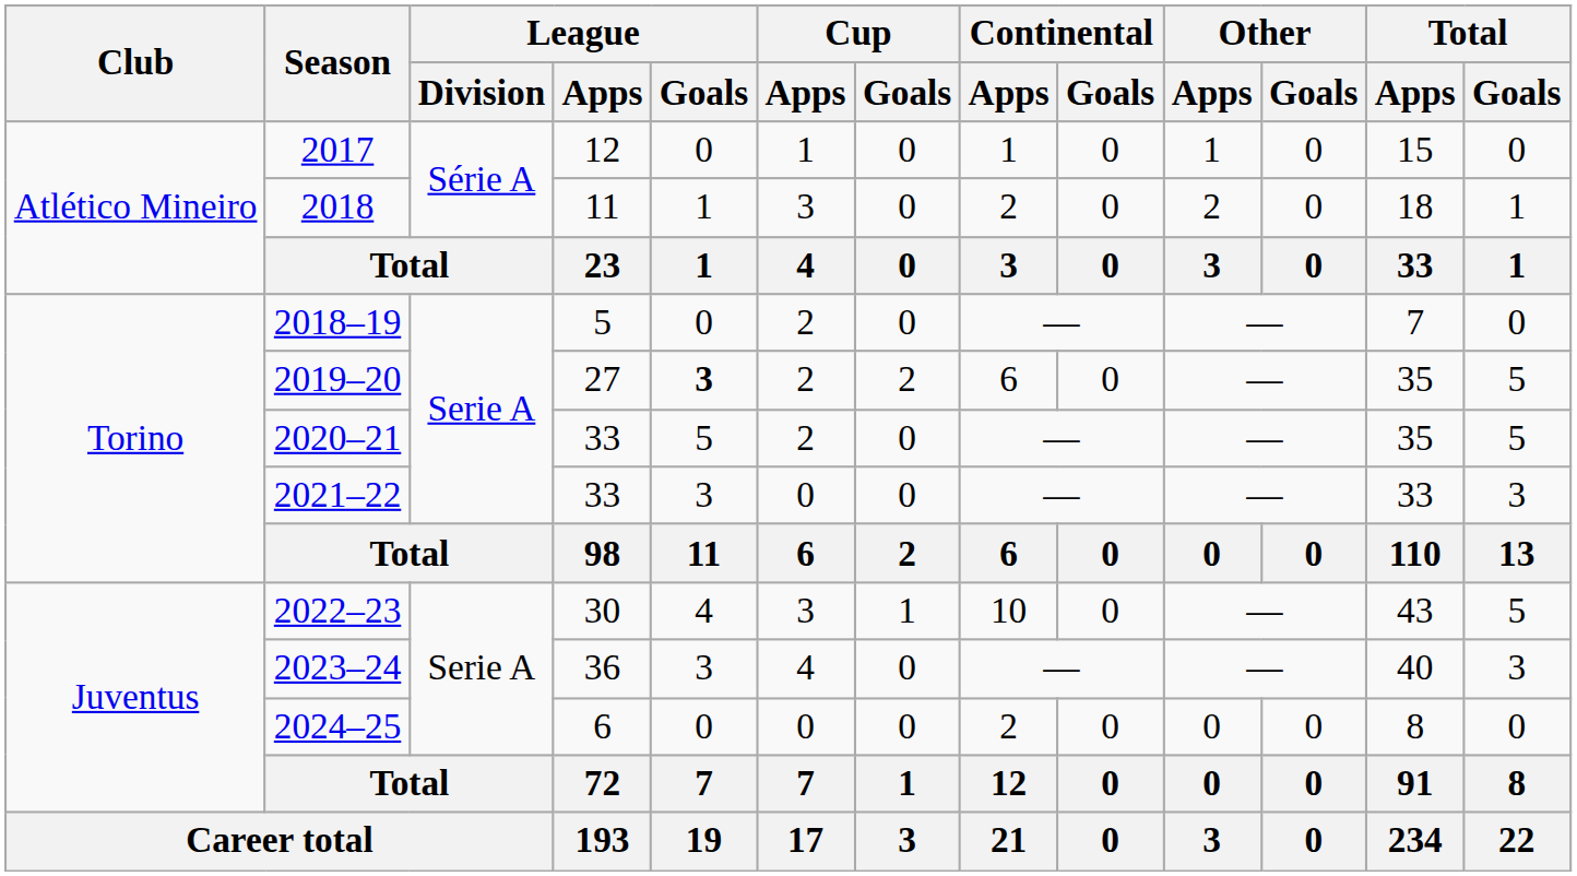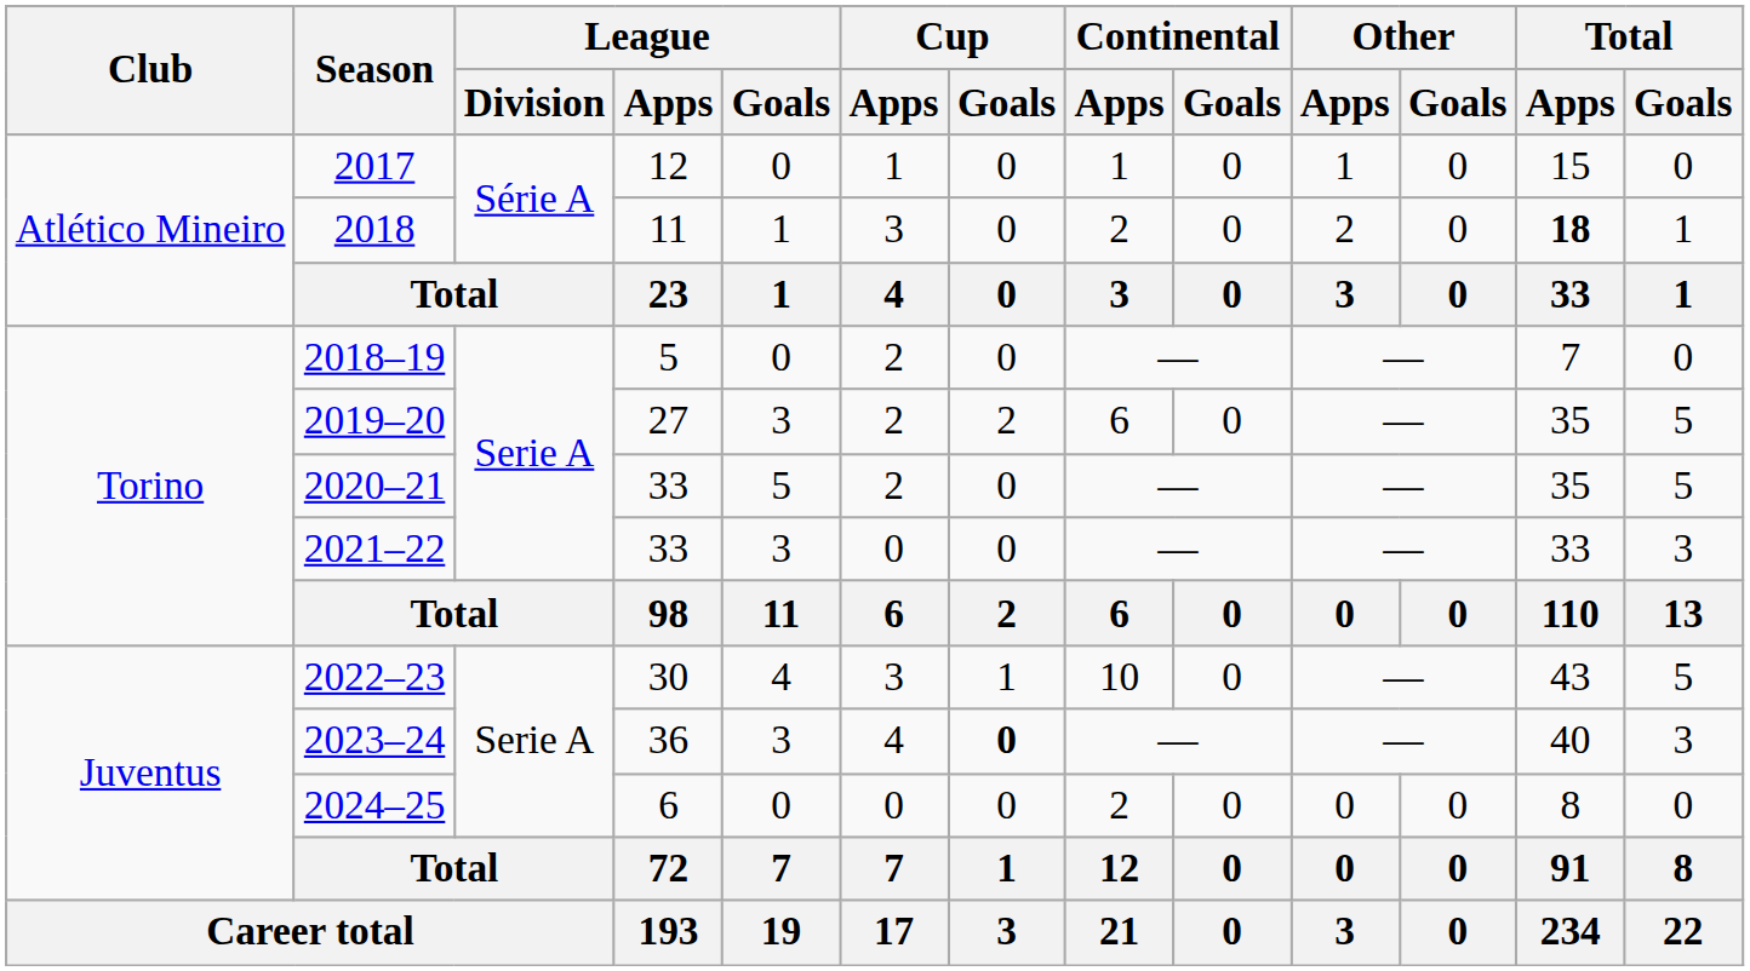 <table class="wikitable" style="text-align:center">
 <tr>
 <th rowspan="2">Club</th>
 <th rowspan="2">Season</th>
 <th colspan="3">League</th>
 <th colspan="2">Cup</th>
 <th colspan="2">Continental</th>
 <th colspan="2">Other</th>
 <th colspan="2">Total</th>
 </tr>
 <tr>
 <th>Division</th>
 <th>Apps</th>
 <th>Goals</th>
 <th>Apps</th>
 <th>Goals</th>
 <th>Apps</th>
 <th>Goals</th>
 <th>Apps</th>
 <th>Goals</th>
 <th>Apps</th>
 <th>Goals</th>
 </tr>
 <tr>
 <td rowspan="3"><a href='#'>Atlético Mineiro</a></td>
 <td><a href='#'>2017</a></td>
 <td rowspan="2"><a href='#'>Série A</a></td>
 <td>12</td>
 <td>0</td>
 <td>1</td>
 <td>0</td>
 <td>1</td>
 <td>0</td>
 <td>1</td>
 <td>0</td>
 <td>15</td>
 <td>0</td>
 </tr>
 <tr>
 <td><a href='#'>2018</a></td>
 <td>11</td>
 <td>1</td>
 <td>3</td>
 <td>0</td>
 <td>2</td>
 <td>0</td>
 <td>2</td>
 <td>0</td>
-<td>18</td>
+<td><strong>18</strong></td>
 <td>1</td>
 </tr>
 <tr>
 <th colspan="2">Total</th>
 <th>23</th>
 <th>1</th>
 <th>4</th>
 <th>0</th>
 <th>3</th>
 <th>0</th>
 <th>3</th>
 <th>0</th>
 <th>33</th>
 <th>1</th>
 </tr>
 <tr>
 <td rowspan="5"><a href='#'>Torino</a></td>
 <td><a href='#'>2018–19</a></td>
 <td rowspan="4"><a href='#'>Serie A</a></td>
 <td>5</td>
 <td>0</td>
 <td>2</td>
 <td>0</td>
 <td colspan="2">—</td>
 <td colspan="2">—</td>
 <td>7</td>
 <td>0</td>
 </tr>
 <tr>
 <td><a href='#'>2019–20</a></td>
 <td>27</td>
-<td><strong>3</strong></td>
+<td>3</td>
 <td>2</td>
 <td>2</td>
 <td>6</td>
 <td>0</td>
 <td colspan="2">—</td>
 <td>35</td>
 <td>5</td>
 </tr>
 <tr>
 <td><a href='#'>2020–21</a></td>
 <td>33</td>
 <td>5</td>
 <td>2</td>
 <td>0</td>
 <td colspan="2">—</td>
 <td colspan="2">—</td>
 <td>35</td>
 <td>5</td>
 </tr>
 <tr>
 <td><a href='#'>2021–22</a></td>
 <td>33</td>
 <td>3</td>
 <td>0</td>
 <td>0</td>
 <td colspan="2">—</td>
 <td colspan="2">—</td>
 <td>33</td>
 <td>3</td>
 </tr>
 <tr>
 <th colspan="2">Total</th>
 <th>98</th>
 <th>11</th>
 <th>6</th>
 <th>2</th>
 <th>6</th>
 <th>0</th>
 <th>0</th>
 <th>0</th>
 <th>110</th>
 <th>13</th>
 </tr>
 <tr>
 <td rowspan="4"><a href='#'>Juventus</a></td>
 <td><a href='#'>2022–23</a></td>
 <td rowspan="3">Serie A</td>
 <td>30</td>
 <td>4</td>
 <td>3</td>
 <td>1</td>
 <td>10</td>
 <td>0</td>
 <td colspan="2">—</td>
 <td>43</td>
 <td>5</td>
 </tr>
 <tr>
 <td><a href='#'>2023–24</a></td>
 <td>36</td>
 <td>3</td>
 <td>4</td>
-<td>0</td>
+<td><strong>0</strong></td>
 <td colspan="2">—</td>
 <td colspan="2">—</td>
 <td>40</td>
 <td>3</td>
 </tr>
 <tr>
 <td><a href='#'>2024–25</a></td>
 <td>6</td>
 <td>0</td>
 <td>0</td>
 <td>0</td>
 <td>2</td>
 <td>0</td>
 <td>0</td>
 <td>0</td>
 <td>8</td>
 <td>0</td>
 </tr>
 <tr>
 <th colspan="2">Total</th>
 <th>72</th>
 <th>7</th>
 <th>7</th>
 <th>1</th>
 <th>12</th>
 <th>0</th>
 <th>0</th>
 <th>0</th>
 <th>91</th>
 <th>8</th>
 </tr>
 <tr>
 <th colspan="3">Career total</th>
 <th>193</th>
 <th>19</th>
 <th>17</th>
 <th>3</th>
 <th>21</th>
 <th>0</th>
 <th>3</th>
 <th>0</th>
 <th>234</th>
 <th>22</th>
 </tr>
 </table>
